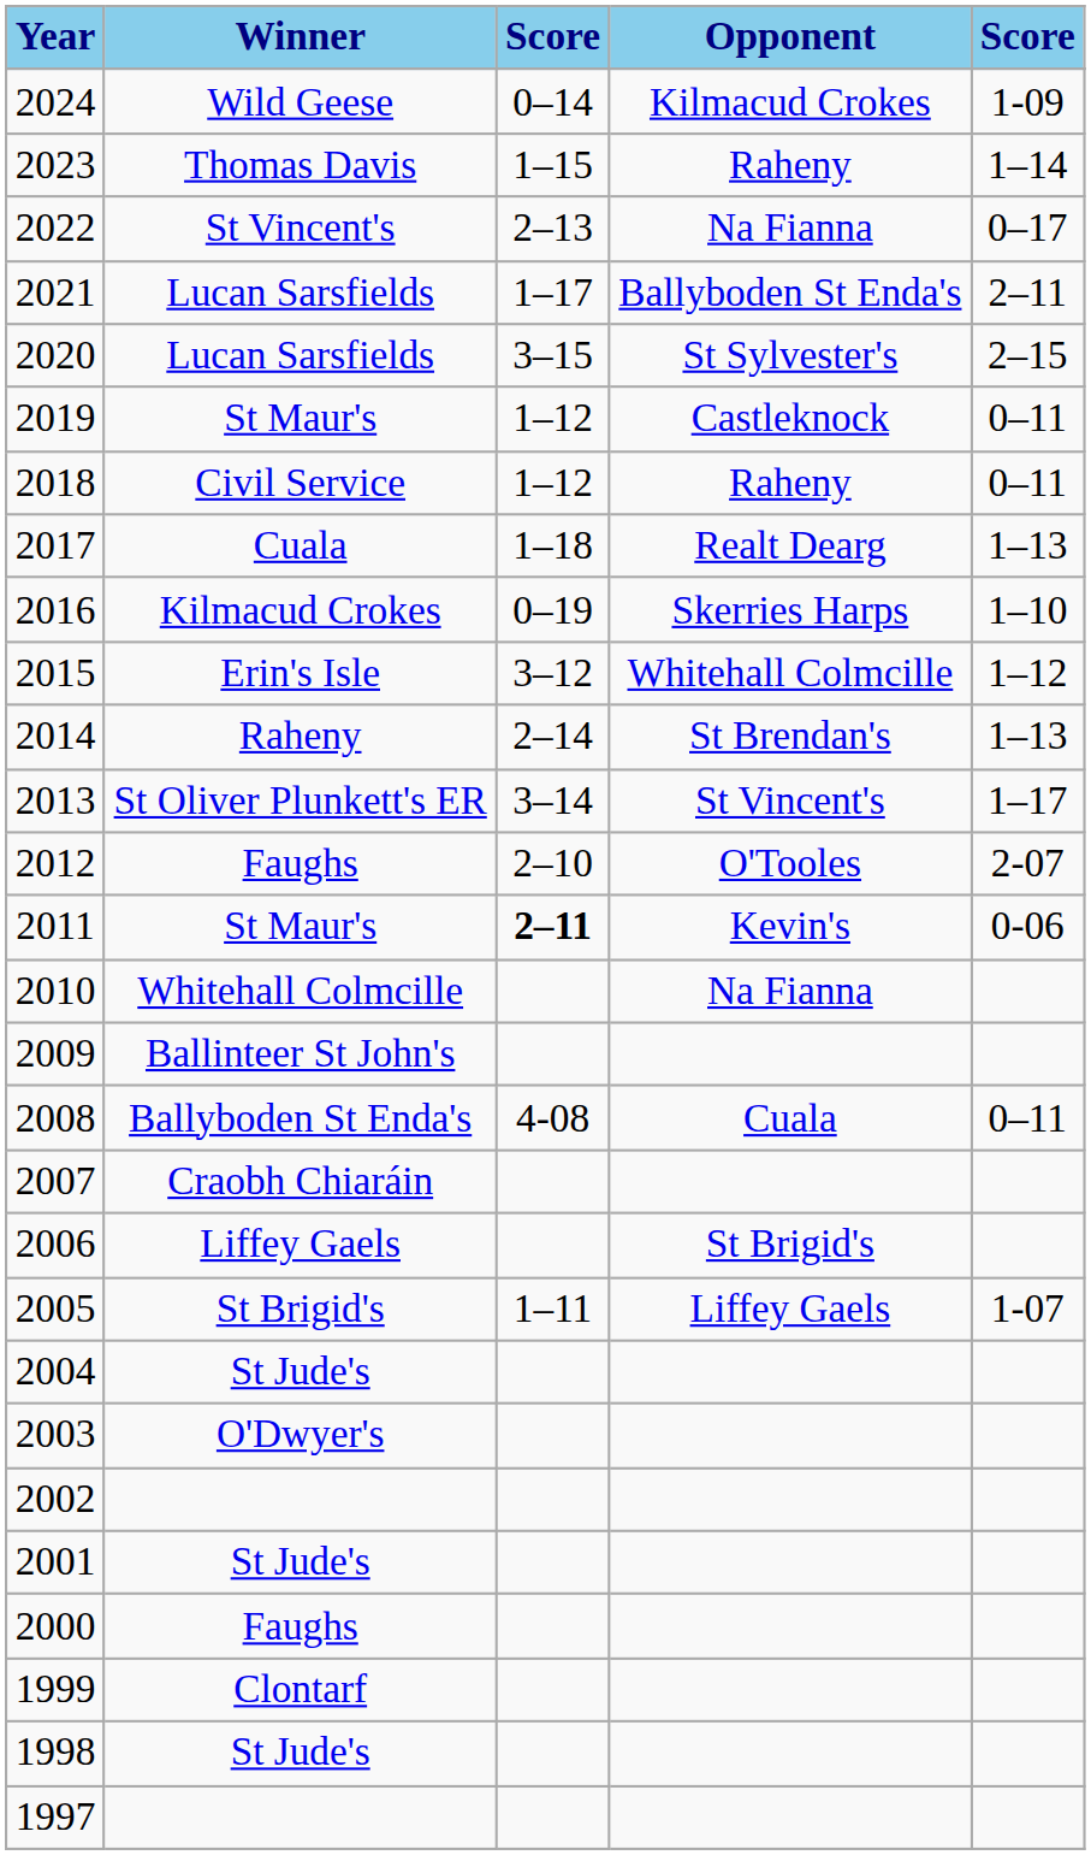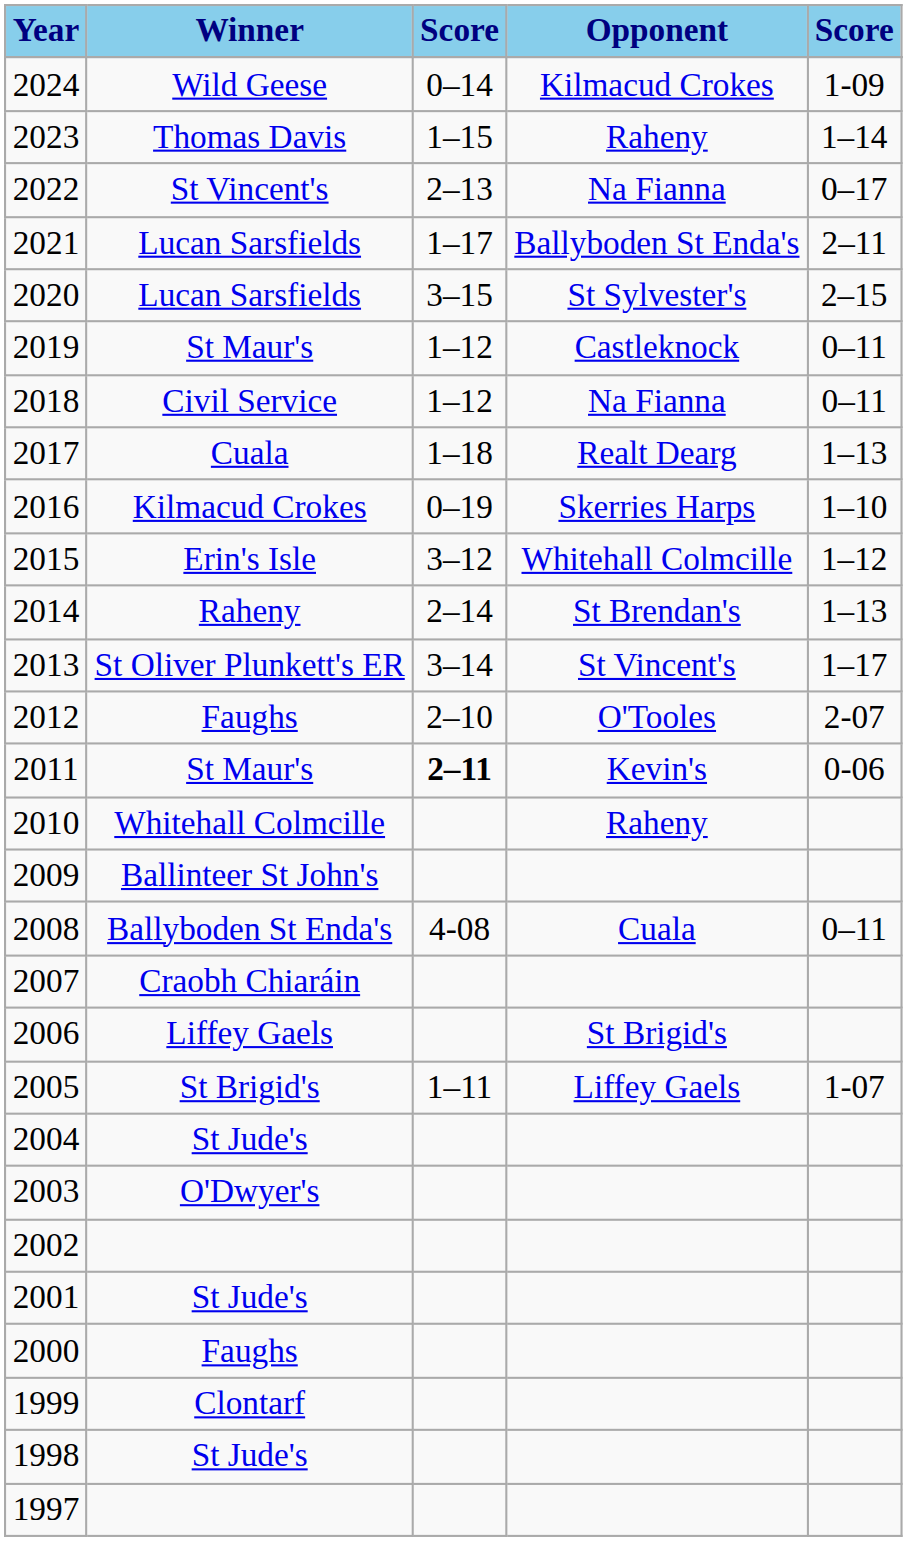 <table class="wikitable" style="text-align:center;">
 <tr>
 <th style="background:skyblue;color:navy;">Year</th>
 <th style="background:skyblue;color:navy;">Winner</th>
 <th style="background:skyblue;color:navy;">Score</th>
 <th style="background:skyblue;color:navy;">Opponent</th>
 <th style="background:skyblue;color:navy;">Score</th>
 </tr>
 <tr>
 </tr>
 <tr>
 <td>2024</td>
 <td><a href='#'>Wild Geese</a></td>
 <td>0–14</td>
 <td><a href='#'>Kilmacud Crokes</a></td>
 <td>1-09</td>
 </tr>
 <tr>
 <td>2023</td>
 <td><a href='#'>Thomas Davis</a></td>
 <td>1–15</td>
 <td><a href='#'>Raheny</a></td>
 <td>1–14</td>
 </tr>
 <tr>
 <td>2022</td>
 <td><a href='#'>St Vincent's</a></td>
 <td>2–13</td>
 <td><a href='#'>Na Fianna</a></td>
 <td>0–17</td>
 </tr>
 <tr>
 <td>2021</td>
 <td><a href='#'>Lucan Sarsfields</a></td>
 <td>1–17</td>
 <td><a href='#'>Ballyboden St Enda's</a></td>
 <td>2–11</td>
 </tr>
 <tr>
 <td>2020</td>
 <td><a href='#'>Lucan Sarsfields</a></td>
 <td>3–15</td>
 <td><a href='#'>St Sylvester's</a></td>
 <td>2–15</td>
 </tr>
 <tr>
 <td>2019</td>
 <td><a href='#'>St Maur's</a></td>
 <td>1–12</td>
 <td><a href='#'>Castleknock</a></td>
 <td>0–11</td>
 </tr>
 <tr>
 <td>2018</td>
 <td><a href='#'>Civil Service</a></td>
 <td>1–12</td>
-<td><a href='#'>Raheny</a></td>
+<td><a href='#'>Na Fianna</a></td>
 <td>0–11</td>
 </tr>
 <tr>
 <td>2017</td>
 <td><a href='#'>Cuala</a></td>
 <td>1–18</td>
 <td><a href='#'>Realt Dearg</a></td>
 <td>1–13</td>
 </tr>
 <tr>
 <td>2016</td>
 <td><a href='#'>Kilmacud Crokes</a></td>
 <td>0–19</td>
 <td><a href='#'>Skerries Harps</a></td>
 <td>1–10</td>
 </tr>
 <tr>
 <td>2015</td>
 <td><a href='#'>Erin's Isle</a></td>
 <td>3–12</td>
 <td><a href='#'>Whitehall Colmcille</a></td>
 <td>1–12</td>
 </tr>
 <tr>
 <td>2014</td>
 <td><a href='#'>Raheny</a></td>
 <td>2–14</td>
 <td><a href='#'>St Brendan's</a></td>
 <td>1–13</td>
 </tr>
 <tr>
 <td>2013</td>
 <td><a href='#'>St Oliver Plunkett's ER</a></td>
 <td>3–14</td>
 <td><a href='#'>St Vincent's</a></td>
 <td>1–17</td>
 </tr>
 <tr>
 <td>2012</td>
 <td><a href='#'>Faughs</a></td>
 <td>2–10</td>
 <td><a href='#'>O'Tooles</a></td>
 <td>2-07</td>
 </tr>
 <tr>
 <td>2011</td>
 <td><a href='#'>St Maur's</a></td>
 <td><strong>2–11</strong></td>
 <td><a href='#'>Kevin's</a></td>
 <td>0-06</td>
 </tr>
 <tr>
 <td>2010</td>
 <td><a href='#'>Whitehall Colmcille</a></td>
 <td></td>
-<td><a href='#'>Na Fianna</a></td>
+<td><a href='#'>Raheny</a></td>
 <td></td>
 </tr>
 <tr>
 <td>2009</td>
 <td><a href='#'>Ballinteer St John's</a></td>
 <td></td>
 <td></td>
 <td></td>
 </tr>
 <tr>
 <td>2008</td>
 <td><a href='#'>Ballyboden St Enda's</a></td>
 <td>4-08</td>
 <td><a href='#'>Cuala</a></td>
 <td>0–11</td>
 </tr>
 <tr>
 <td>2007</td>
 <td><a href='#'>Craobh Chiaráin</a></td>
 <td></td>
 <td></td>
 <td></td>
 </tr>
 <tr>
 <td>2006</td>
 <td><a href='#'>Liffey Gaels</a></td>
 <td></td>
 <td><a href='#'>St Brigid's</a></td>
 <td></td>
 </tr>
 <tr>
 <td>2005</td>
 <td><a href='#'>St Brigid's</a></td>
 <td>1–11</td>
 <td><a href='#'>Liffey Gaels</a></td>
 <td>1-07</td>
 </tr>
 <tr>
 <td>2004</td>
 <td><a href='#'>St Jude's</a></td>
 <td></td>
 <td></td>
 <td></td>
 </tr>
 <tr>
 <td>2003</td>
 <td><a href='#'>O'Dwyer's</a></td>
 <td></td>
 <td></td>
 <td></td>
 </tr>
 <tr>
 <td>2002</td>
 <td></td>
 <td></td>
 <td></td>
 <td></td>
 </tr>
 <tr>
 <td>2001</td>
 <td><a href='#'>St Jude's</a></td>
 <td></td>
 <td></td>
 <td></td>
 </tr>
 <tr>
 <td>2000</td>
 <td><a href='#'>Faughs</a></td>
 <td></td>
 <td></td>
 <td></td>
 </tr>
 <tr>
 <td>1999</td>
 <td><a href='#'>Clontarf</a></td>
 <td></td>
 <td></td>
 <td></td>
 </tr>
 <tr>
 <td>1998</td>
 <td><a href='#'>St Jude's</a></td>
 <td></td>
 <td></td>
 <td></td>
 </tr>
 <tr>
 <td>1997</td>
 <td></td>
 <td></td>
 <td></td>
 <td></td>
 </tr>
 </table>
